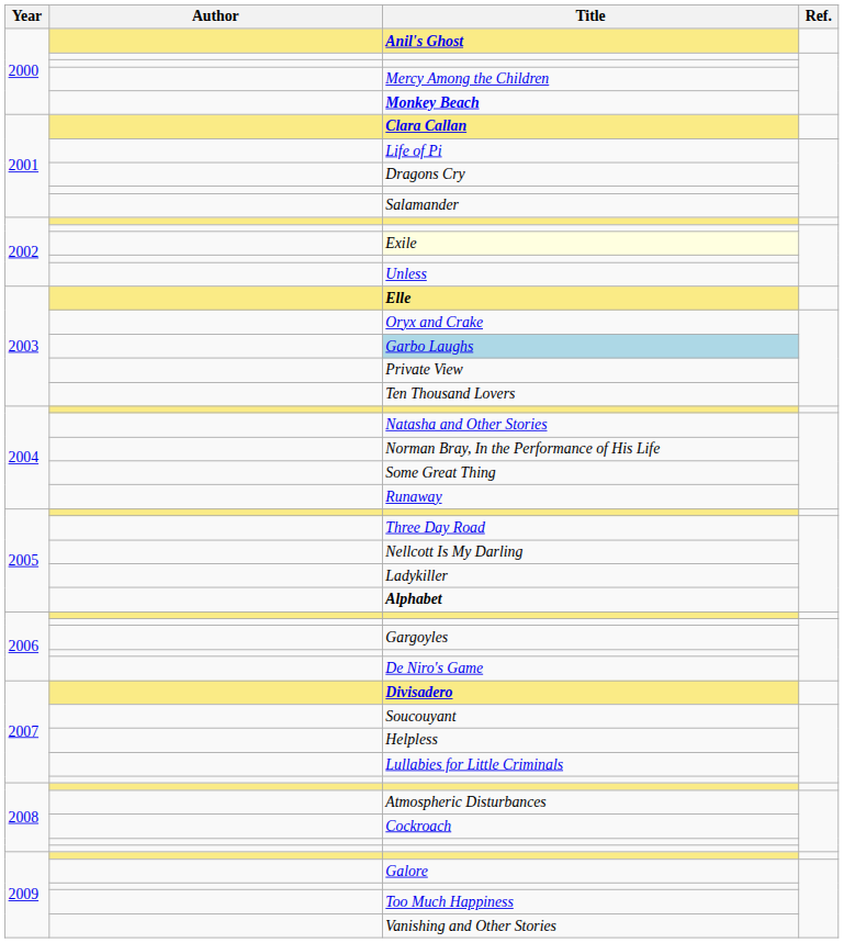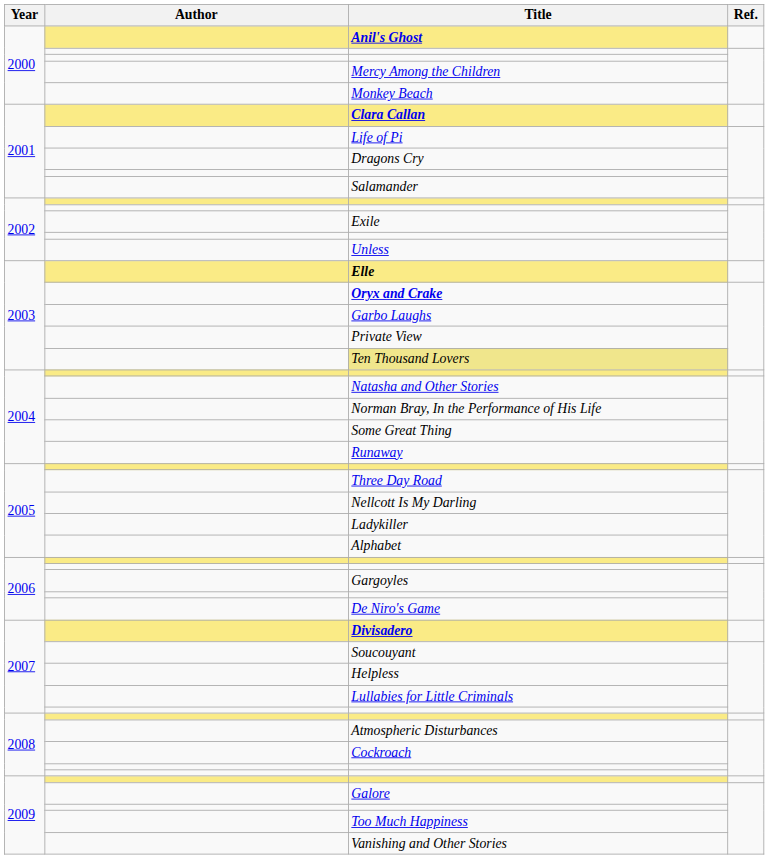 <table class="wikitable sortable mw-collapsible" width="100%">
 <tr>
 <th>Year</th>
 <th width="40%">Author</th>
 <th width="50%">Title</th>
 <th>Ref.</th>
 </tr>
 <tr>
 <td rowspan="5"><a href='#'>2000</a></td>
 <td style="background:#FAEB86"><strong></strong></td>
 <td style="background:#FAEB86"><strong><em><a href='#'>Anil's Ghost</a></em></strong></td>
 <td></td>
 </tr>
 <tr>
 <td></td>
 <td><em></em></td>
 <td rowspan=4></td>
 </tr>
 <tr>
 <td></td>
 <td><em></em></td>
 </tr>
 <tr>
 <td></td>
 <td><em><a href='#'>Mercy Among the Children</a></em></td>
 </tr>
 <tr>
 <td></td>
-<td><strong><em><a href='#'>Monkey Beach</a></em></strong></td>
+<td><em><a href='#'>Monkey Beach</a></em></td>
 </tr>
 <tr>
 <td rowspan="5"><a href='#'>2001</a></td>
 <td style="background:#FAEB86"><strong></strong></td>
 <td style="background:#FAEB86"><strong><em><a href='#'>Clara Callan</a></em></strong></td>
 <td></td>
 </tr>
 <tr>
 <td></td>
 <td><em><a href='#'>Life of Pi</a></em></td>
 <td rowspan=4></td>
 </tr>
 <tr>
 <td></td>
 <td><em>Dragons Cry</em></td>
 </tr>
 <tr>
 <td></td>
 <td><em></em></td>
 </tr>
 <tr>
 <td></td>
 <td><em>Salamander</em></td>
 </tr>
 <tr>
 <td rowspan="5"><a href='#'>2002</a></td>
 <td style="background:#FAEB86"><strong></strong></td>
 <td style="background:#FAEB86"><strong><em></em></strong></td>
 <td></td>
 </tr>
 <tr>
 <td></td>
 <td><em></em></td>
 <td rowspan=4></td>
 </tr>
 <tr>
 <td></td>
-<td style="background: lightyellow;"><em>Exile</em></td>
+<td><em>Exile</em></td>
 </tr>
 <tr>
 <td></td>
 <td><em></em></td>
 </tr>
 <tr>
 <td></td>
 <td><em><a href='#'>Unless</a></em></td>
 </tr>
 <tr>
 <td rowspan="5"><a href='#'>2003</a></td>
 <td style="background:#FAEB86"><strong></strong></td>
 <td style="background:#FAEB86"><strong><em>Elle</em></strong></td>
 <td></td>
 </tr>
 <tr>
 <td></td>
-<td><em><a href='#'>Oryx and Crake</a></em></td>
+<td><strong><em><a href='#'>Oryx and Crake</a></em></strong></td>
 <td rowspan=4></td>
 </tr>
 <tr>
 <td></td>
-<td style="background: lightblue;"><em><a href='#'>Garbo Laughs</a></em></td>
+<td><em><a href='#'>Garbo Laughs</a></em></td>
 </tr>
 <tr>
 <td></td>
 <td><em>Private View</em></td>
 </tr>
 <tr>
 <td></td>
-<td><em>Ten Thousand Lovers</em></td>
+<td style="background: khaki;"><em>Ten Thousand Lovers</em></td>
 </tr>
 <tr>
 <td rowspan="5"><a href='#'>2004</a></td>
 <td style="background:#FAEB86"><strong></strong></td>
 <td style="background:#FAEB86"><strong><em></em></strong></td>
 <td></td>
 </tr>
 <tr>
 <td></td>
 <td><em><a href='#'>Natasha and Other Stories</a></em></td>
 <td rowspan=4></td>
 </tr>
 <tr>
 <td></td>
 <td><em>Norman Bray, In the Performance of His Life</em></td>
 </tr>
 <tr>
 <td></td>
 <td><em>Some Great Thing</em></td>
 </tr>
 <tr>
 <td></td>
 <td><em><a href='#'>Runaway</a></em></td>
 </tr>
 <tr>
 <td rowspan="5"><a href='#'>2005</a></td>
 <td style="background:#FAEB86"><strong></strong></td>
 <td style="background:#FAEB86"><strong><em></em></strong></td>
 <td></td>
 </tr>
 <tr>
 <td></td>
 <td><em><a href='#'>Three Day Road</a></em></td>
 <td rowspan=4></td>
 </tr>
 <tr>
 <td></td>
 <td><em>Nellcott Is My Darling</em></td>
 </tr>
 <tr>
 <td></td>
 <td><em>Ladykiller</em></td>
 </tr>
 <tr>
 <td></td>
-<td><strong><em>Alphabet</em></strong></td>
+<td><em>Alphabet</em></td>
 </tr>
 <tr>
 <td rowspan="5"><a href='#'>2006</a></td>
 <td style="background:#FAEB86"><strong></strong></td>
 <td style="background:#FAEB86"><strong><em></em></strong></td>
 <td></td>
 </tr>
 <tr>
 <td></td>
 <td><em></em></td>
 <td rowspan=4></td>
 </tr>
 <tr>
 <td></td>
 <td><em>Gargoyles</em></td>
 </tr>
 <tr>
 <td></td>
 <td><em></em></td>
 </tr>
 <tr>
 <td></td>
 <td><em><a href='#'>De Niro's Game</a></em></td>
 </tr>
 <tr>
 <td rowspan="5"><a href='#'>2007</a></td>
 <td style="background:#FAEB86"><strong></strong></td>
 <td style="background:#FAEB86"><strong><em><a href='#'>Divisadero</a></em></strong></td>
 <td></td>
 </tr>
 <tr>
 <td></td>
 <td><em>Soucouyant</em></td>
 <td rowspan=4></td>
 </tr>
 <tr>
 <td></td>
 <td><em>Helpless</em></td>
 </tr>
 <tr>
 <td></td>
 <td><em><a href='#'>Lullabies for Little Criminals</a></em></td>
 </tr>
 <tr>
 <td></td>
 <td><em></em></td>
 </tr>
 <tr>
 <td rowspan="5"><a href='#'>2008</a></td>
 <td style="background:#FAEB86"><strong></strong></td>
 <td style="background:#FAEB86"><strong><em></em></strong></td>
 <td></td>
 </tr>
 <tr>
 <td></td>
 <td><em>Atmospheric Disturbances</em></td>
 <td rowspan=4></td>
 </tr>
 <tr>
 <td></td>
 <td><em><a href='#'>Cockroach</a></em></td>
 </tr>
 <tr>
 <td></td>
 <td><em></em></td>
 </tr>
 <tr>
 <td></td>
 <td><em></em></td>
 </tr>
 <tr>
 <td rowspan="5"><a href='#'>2009</a></td>
 <td style="background:#FAEB86"><strong></strong></td>
 <td style="background:#FAEB86"><strong><em></em></strong></td>
 <td></td>
 </tr>
 <tr>
 <td></td>
 <td><em><a href='#'>Galore</a></em></td>
 <td rowspan=4></td>
 </tr>
 <tr>
 <td></td>
 <td><em></em></td>
 </tr>
 <tr>
 <td></td>
 <td><em><a href='#'>Too Much Happiness</a></em></td>
 </tr>
 <tr>
 <td></td>
 <td><em>Vanishing and Other Stories</em></td>
 </tr>
 </table>
